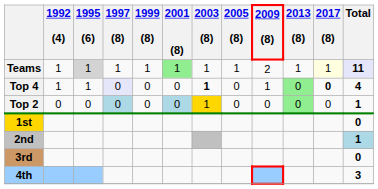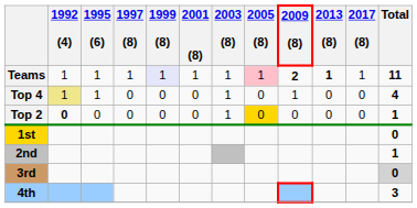 <table class="wikitable" style="text-align: center">
 <tr valign=top>
 <th></th>
 <th><a href='#'>1992</a><br><br>(4)</th>
 <th><a href='#'>1995</a><br><br>(6)</th>
 <th><a href='#'>1997</a><br><br>(8)</th>
 <th><a href='#'>1999</a><br><br>(8)</th>
 <th><a href='#'>2001</a><br><br><br>(8)</th>
 <th><a href='#'>2003</a><br><br>(8)</th>
 <th><a href='#'>2005</a><br><br>(8)</th>
 <th style="border:3px solid red"><a href='#'>2009</a><br><br>(8)</th>
 <th><a href='#'>2013</a><br><br>(8)</th>
 <th><a href='#'>2017</a><br><br>(8)</th>
 <th>Total</th>
 </tr>
 <tr>
 <th>Teams</th>
 <td>1</td>
-<td style="background: lightgrey;">1</td>
 <td>1</td>
 <td>1</td>
-<td style="background: lightgreen;">1</td>
+<td style="background: lavender;">1</td>
 <td>1</td>
 <td>1</td>
-<td>2</td>
+<td style="background: pink;">1</td>
+<td><strong>2</strong></td>
+<td><strong>1</strong></td>
 <td>1</td>
-<td style="background: lightyellow;">1</td>
-<td style="background: lavender;"><strong>11</strong></td>
+<td><strong>11</strong></td>
 </tr>
 <tr>
 <th>Top 4</th>
+<td style="background: khaki;">1</td>
 <td>1</td>
-<td>1</td>
-<td style="background: lavender;">0</td>
 <td>0</td>
 <td>0</td>
-<td><strong>1</strong></td>
 <td>0</td>
 <td>1</td>
-<td style="background: lightgreen;">0</td>
-<td><strong>0</strong></td>
+<td>0</td>
+<td>1</td>
+<td>0</td>
+<td>0</td>
 <td><strong>4</strong></td>
 </tr>
 <tr>
 <th>Top 2</th>
+<td><strong>0</strong></td>
 <td>0</td>
 <td>0</td>
-<td style="background: lightblue;">0</td>
-<td>0</td>
-<td style="background: lightblue;">0</td>
-<td style="background: gold;">1</td>
 <td>0</td>
 <td>0</td>
-<td style="background: lightgreen;">0</td>
+<td>1</td>
+<td style="background: gold;">0</td>
+<td>0</td>
+<td>0</td>
 <td>0</td>
 <td><strong>1</strong></td>
 </tr>
 <tr>
 </tr>
 <tr style="border-top:3px solid green;">
 <th style="background-color:gold">1st</th>
 <td></td>
 <td></td>
 <td></td>
 <td></td>
 <td></td>
 <td></td>
 <td></td>
 <td></td>
 <td></td>
 <td></td>
 <td><strong>0</strong></td>
 </tr>
 <tr>
 <th style="background-color:silver">2nd</th>
 <td></td>
 <td></td>
 <td></td>
 <td></td>
 <td></td>
 <td bgcolor=silver></td>
 <td></td>
 <td></td>
 <td></td>
 <td></td>
-<td style="background: lightblue;"><strong>1</strong></td>
+<td><strong>1</strong></td>
 </tr>
 <tr>
 <th style="background-color:#cc9966">3rd</th>
 <td></td>
 <td></td>
 <td></td>
 <td></td>
 <td></td>
 <td></td>
 <td></td>
 <td></td>
 <td></td>
 <td></td>
-<td><strong>0</strong></td>
+<td style="background: lightgrey;"><strong>0</strong></td>
 </tr>
 <tr>
 <th style="background-color:#9acdff">4th</th>
 <td bgcolor=#9acdff></td>
 <td bgcolor=#9acdff></td>
 <td></td>
 <td></td>
 <td></td>
 <td></td>
 <td></td>
 <td bgcolor=#9acdff style="border: 3px solid red"></td>
 <td></td>
 <td></td>
 <td><strong>3</strong></td>
 </tr>
 <tr>
 </tr>
 </table>
